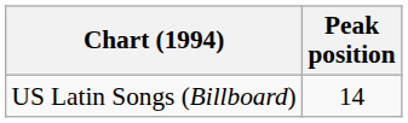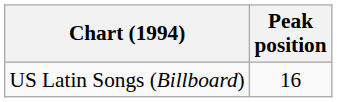 <table class="wikitable" style="display:inline-table;">
 <tr>
 <th>Chart (1994)</th>
 <th>Peak<br>position</th>
 </tr>
 <tr>
 <td>US Latin Songs (<em>Billboard</em>)</td>
-<td align="center">14</td>
+<td align="center">16</td>
 </tr>
 </table>
